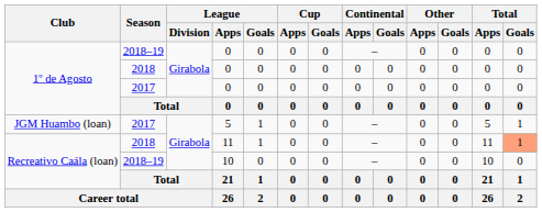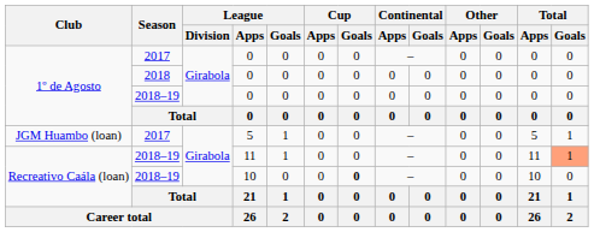 <table class="wikitable" style="text-align: center">
 <tr>
 <th rowspan="2">Club</th>
 <th rowspan="2">Season</th>
 <th colspan="3">League</th>
 <th colspan="2">Cup</th>
 <th colspan="2">Continental</th>
 <th colspan="2">Other</th>
 <th colspan="2">Total</th>
 </tr>
 <tr>
 <th>Division</th>
 <th>Apps</th>
 <th>Goals</th>
 <th>Apps</th>
 <th>Goals</th>
 <th>Apps</th>
 <th>Goals</th>
 <th>Apps</th>
 <th>Goals</th>
 <th>Apps</th>
 <th>Goals</th>
 </tr>
 <tr>
 <td rowspan="4"><a href='#'>1º de Agosto</a></td>
-<td><a href='#'>2018–19</a></td>
+<td><a href='#'>2017</a></td>
 <td rowspan="3"><a href='#'>Girabola</a></td>
 <td>0</td>
 <td>0</td>
 <td>0</td>
 <td>0</td>
 <td colspan="2">–</td>
 <td>0</td>
 <td>0</td>
 <td>0</td>
 <td>0</td>
 </tr>
 <tr>
 <td><a href='#'>2018</a></td>
 <td>0</td>
 <td>0</td>
 <td>0</td>
 <td>0</td>
 <td>0</td>
 <td>0</td>
 <td>0</td>
 <td>0</td>
 <td>0</td>
 <td>0</td>
 </tr>
 <tr>
-<td><a href='#'>2017</a></td>
+<td><a href='#'>2018–19</a></td>
 <td>0</td>
 <td>0</td>
 <td>0</td>
 <td>0</td>
 <td>0</td>
 <td>0</td>
 <td>0</td>
 <td>0</td>
 <td>0</td>
 <td>0</td>
 </tr>
 <tr>
 <th colspan="2"><strong>Total</strong></th>
 <th>0</th>
 <th>0</th>
 <th>0</th>
 <th>0</th>
 <th>0</th>
 <th>0</th>
 <th>0</th>
 <th>0</th>
 <th>0</th>
 <th>0</th>
 </tr>
 <tr>
 <td><a href='#'>JGM Huambo</a> (loan)</td>
 <td><a href='#'>2017</a></td>
 <td rowspan="3"><a href='#'>Girabola</a></td>
 <td>5</td>
 <td>1</td>
 <td>0</td>
 <td>0</td>
 <td colspan="2">–</td>
 <td>0</td>
 <td>0</td>
 <td>5</td>
 <td>1</td>
 </tr>
 <tr>
 <td rowspan="3"><a href='#'>Recreativo Caála</a> (loan)</td>
-<td><a href='#'>2018</a></td>
+<td><a href='#'>2018–19</a></td>
 <td>11</td>
 <td>1</td>
 <td>0</td>
 <td>0</td>
 <td colspan="2">–</td>
 <td>0</td>
 <td>0</td>
 <td>11</td>
 <td style="background: lightsalmon;">1</td>
 </tr>
 <tr>
 <td><a href='#'>2018–19</a></td>
 <td>10</td>
 <td>0</td>
 <td>0</td>
-<td>0</td>
+<td><strong>0</strong></td>
 <td colspan="2">–</td>
 <td>0</td>
 <td>0</td>
 <td>10</td>
 <td>0</td>
 </tr>
 <tr>
 <th colspan="2"><strong>Total</strong></th>
 <th>21</th>
 <th>1</th>
 <th>0</th>
 <th>0</th>
 <th>0</th>
 <th>0</th>
 <th>0</th>
 <th>0</th>
 <th>21</th>
 <th>1</th>
 </tr>
 <tr>
 <th colspan="3"><strong>Career total</strong></th>
 <th>26</th>
 <th>2</th>
 <th>0</th>
 <th>0</th>
 <th>0</th>
 <th>0</th>
 <th>0</th>
 <th>0</th>
 <th>26</th>
 <th>2</th>
 </tr>
 </table>
